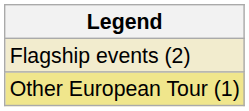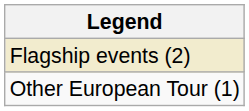 <table class="wikitable" style="font-size:95%;">
 <tr>
 <th>Legend</th>
 </tr>
 <tr style="background:#f2ecce;">
 <td>Flagship events (2)</td>
 </tr>
 <tr>
-<td style="background: khaki;">Other European Tour (1)</td>
+<td>Other European Tour (1)</td>
 </tr>
 </table>
